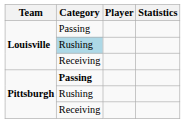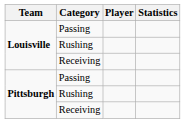 <table class="wikitable" style="float: right;">
 <tr>
 <th>Team</th>
 <th>Category</th>
 <th>Player</th>
 <th>Statistics</th>
 </tr>
 <tr>
 <td rowspan=3><strong>Louisville</strong></td>
 <td>Passing</td>
 <td></td>
 <td></td>
 </tr>
 <tr>
-<td style="background: lightblue;">Rushing</td>
+<td>Rushing</td>
 <td></td>
 <td></td>
 </tr>
 <tr>
 <td>Receiving</td>
 <td></td>
 <td></td>
 </tr>
 <tr>
 <td rowspan=3><strong>Pittsburgh</strong></td>
-<td><strong>Passing</strong></td>
+<td>Passing</td>
 <td></td>
 <td></td>
 </tr>
 <tr>
 <td>Rushing</td>
 <td></td>
 <td></td>
 </tr>
 <tr>
 <td>Receiving</td>
 <td></td>
 <td></td>
 </tr>
 </table>
